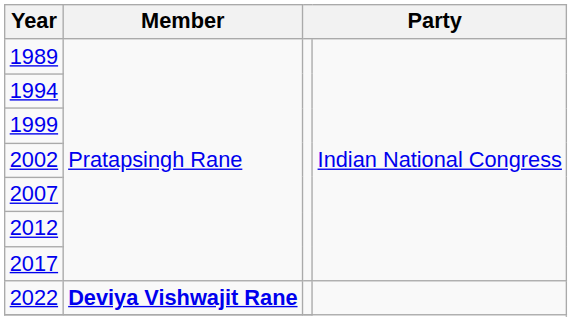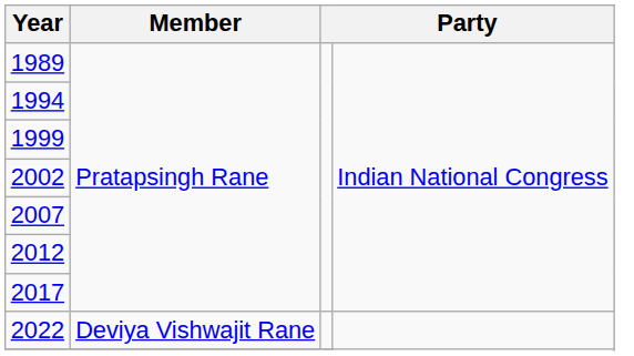 <table class="wikitable sortable">
 <tr>
 <th>Year</th>
 <th>Member</th>
 <th colspan="2">Party</th>
 </tr>
 <tr>
 <td><a href='#'>1989</a></td>
 <td rowspan="7"><a href='#'>Pratapsingh Rane</a></td>
 <td rowspan="7" style="background-color: "></td>
 <td rowspan="7"><a href='#'>Indian National Congress</a></td>
 </tr>
 <tr>
 <td><a href='#'>1994</a></td>
 </tr>
 <tr>
 <td><a href='#'>1999</a></td>
 </tr>
 <tr>
 <td><a href='#'>2002</a></td>
 </tr>
 <tr>
 <td><a href='#'>2007</a></td>
 </tr>
 <tr>
 <td><a href='#'>2012</a></td>
 </tr>
 <tr>
 <td><a href='#'>2017</a></td>
 </tr>
 <tr>
 <td><a href='#'>2022</a></td>
-<td><strong><a href='#'>Deviya Vishwajit Rane</a></strong></td>
+<td><a href='#'>Deviya Vishwajit Rane</a></td>
 <td></td>
 </tr>
 <tr>
 </tr>
 </table>
